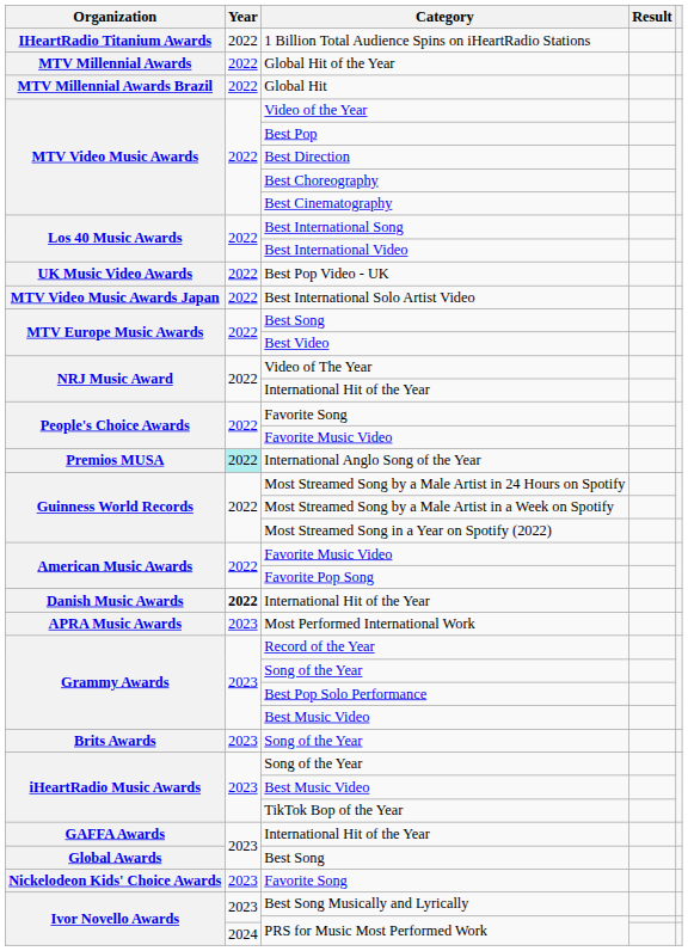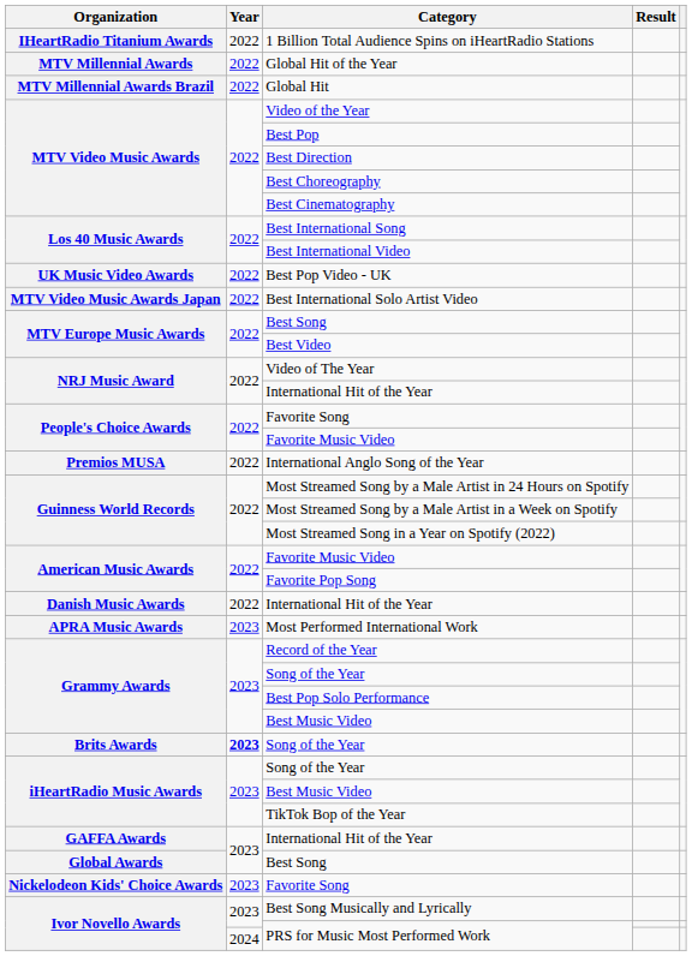 <table class="wikitable sortable plainrowheaders" style="border:none; margin:0;">
 <tr>
 <th scope="col">Organization</th>
 <th scope="col">Year</th>
 <th scope="col">Category</th>
 <th scope="col">Result</th>
 <th class="unsortable" scope="col"></th>
 </tr>
 <tr>
 <th scope="row"><a href='#'>IHeartRadio Titanium Awards</a></th>
 <td>2022</td>
 <td>1 Billion Total Audience Spins on iHeartRadio Stations</td>
 <td></td>
 <td></td>
 </tr>
 <tr>
 <th scope="row"><a href='#'>MTV Millennial Awards</a></th>
 <td><a href='#'>2022</a></td>
 <td>Global Hit of the Year</td>
 <td></td>
 <td></td>
 </tr>
 <tr>
 <th scope="row"><a href='#'>MTV Millennial Awards Brazil</a></th>
 <td><a href='#'>2022</a></td>
 <td>Global Hit</td>
 <td></td>
 <td></td>
 </tr>
 <tr>
 <th rowspan="5" scope="row"><a href='#'>MTV Video Music Awards</a></th>
 <td rowspan="5"><a href='#'>2022</a></td>
 <td><a href='#'>Video of the Year</a></td>
 <td></td>
 <td rowspan="5"></td>
 </tr>
 <tr>
 <td><a href='#'>Best Pop</a></td>
 <td></td>
 </tr>
 <tr>
 <td><a href='#'>Best Direction</a></td>
 <td></td>
 </tr>
 <tr>
 <td><a href='#'>Best Choreography</a></td>
 <td></td>
 </tr>
 <tr>
 <td><a href='#'>Best Cinematography</a></td>
 <td></td>
 </tr>
 <tr>
 <th rowspan="2" scope="row"><a href='#'>Los 40 Music Awards</a></th>
 <td rowspan="2"><a href='#'>2022</a></td>
 <td><a href='#'>Best International Song</a></td>
 <td></td>
 <td rowspan="2"></td>
 </tr>
 <tr>
 <td><a href='#'>Best International Video</a></td>
 <td></td>
 </tr>
 <tr>
 <th scope="row"><a href='#'>UK Music Video Awards</a></th>
 <td><a href='#'>2022</a></td>
 <td>Best Pop Video - UK</td>
 <td></td>
 <td></td>
 </tr>
 <tr>
 <th scope="row"><a href='#'>MTV Video Music Awards Japan</a></th>
 <td><a href='#'>2022</a></td>
 <td>Best International Solo Artist Video</td>
 <td></td>
 <td></td>
 </tr>
 <tr>
 <th rowspan="2" scope="row"><a href='#'>MTV Europe Music Awards</a></th>
 <td rowspan="2"><a href='#'>2022</a></td>
 <td><a href='#'>Best Song</a></td>
 <td></td>
 <td rowspan="2"></td>
 </tr>
 <tr>
 <td><a href='#'>Best Video</a></td>
 <td></td>
 </tr>
 <tr>
 <th rowspan="2" scope="row"><a href='#'>NRJ Music Award</a></th>
 <td rowspan="2">2022</td>
 <td>Video of The Year</td>
 <td></td>
 <td rowspan="2"></td>
 </tr>
 <tr>
 <td>International Hit of the Year</td>
 <td></td>
 </tr>
 <tr>
 <th rowspan="2" scope="row"><a href='#'>People's Choice Awards</a></th>
 <td rowspan="2"><a href='#'>2022</a></td>
 <td>Favorite Song</td>
 <td></td>
 <td rowspan="2"></td>
 </tr>
 <tr>
 <td><a href='#'>Favorite Music Video</a></td>
 <td></td>
 </tr>
 <tr>
 <th scope="row"><a href='#'>Premios MUSA</a></th>
-<td style="background: paleturquoise;">2022</td>
+<td>2022</td>
 <td>International Anglo Song of the Year</td>
 <td></td>
 <td></td>
 </tr>
 <tr>
 <th rowspan="3" scope="row"><a href='#'>Guinness World Records</a></th>
 <td rowspan="3">2022</td>
 <td>Most Streamed Song by a Male Artist in 24 Hours on Spotify</td>
 <td></td>
 <td rowspan="2"></td>
 </tr>
 <tr>
 <td>Most Streamed Song by a Male Artist in a Week on Spotify</td>
 <td></td>
 </tr>
 <tr>
 <td>Most Streamed Song in a Year on Spotify (2022)</td>
 <td></td>
 <td></td>
 </tr>
 <tr>
 <th rowspan="2" scope="row"><a href='#'>American Music Awards</a></th>
 <td rowspan="2"><a href='#'>2022</a></td>
 <td><a href='#'>Favorite Music Video</a></td>
 <td></td>
 <td rowspan="2"></td>
 </tr>
 <tr>
 <td><a href='#'>Favorite Pop Song</a></td>
 <td></td>
 </tr>
 <tr>
 <th scope="row"><a href='#'>Danish Music Awards</a></th>
-<td><strong>2022</strong></td>
+<td>2022</td>
 <td>International Hit of the Year</td>
 <td></td>
 <td></td>
 </tr>
 <tr>
 <th scope="row"><a href='#'>APRA Music Awards</a></th>
 <td><a href='#'>2023</a></td>
 <td>Most Performed International Work</td>
 <td></td>
 <td></td>
 </tr>
 <tr>
 <th rowspan="4" scope="row"><a href='#'>Grammy Awards</a></th>
 <td rowspan="4"><a href='#'>2023</a></td>
 <td><a href='#'>Record of the Year</a></td>
 <td></td>
 <td rowspan="4"></td>
 </tr>
 <tr>
 <td><a href='#'>Song of the Year</a></td>
 <td></td>
 </tr>
 <tr>
 <td><a href='#'>Best Pop Solo Performance</a></td>
 <td></td>
 </tr>
 <tr>
 <td><a href='#'>Best Music Video</a></td>
 <td></td>
 </tr>
 <tr>
 <th scope="row"><a href='#'>Brits Awards</a></th>
-<td><a href='#'>2023</a></td>
+<td><strong><a href='#'>2023</a></strong></td>
 <td><a href='#'>Song of the Year</a></td>
 <td></td>
 <td></td>
 </tr>
 <tr>
 <th rowspan="3" scope="row"><a href='#'>iHeartRadio Music Awards</a></th>
 <td rowspan="3"><a href='#'>2023</a></td>
 <td>Song of the Year</td>
 <td></td>
 <td rowspan="3"></td>
 </tr>
 <tr>
 <td><a href='#'>Best Music Video</a></td>
 <td></td>
 </tr>
 <tr>
 <td>TikTok Bop of the Year</td>
 <td></td>
 </tr>
 <tr>
 <th scope="row"><a href='#'>GAFFA Awards</a></th>
 <td rowspan="2">2023</td>
 <td>International Hit of the Year</td>
 <td></td>
 <td></td>
 </tr>
 <tr>
 <th scope="row"><a href='#'>Global Awards</a></th>
 <td>Best Song</td>
 <td></td>
 <td></td>
 </tr>
 <tr>
 <th scope="row"><a href='#'>Nickelodeon Kids' Choice Awards</a></th>
 <td><a href='#'>2023</a></td>
 <td><a href='#'>Favorite Song</a></td>
 <td></td>
 <td></td>
 </tr>
 <tr>
 <th rowspan="3" scope="row"><a href='#'>Ivor Novello Awards</a></th>
 <td rowspan="2">2023</td>
 <td>Best Song Musically and Lyrically</td>
 <td></td>
 <td></td>
 </tr>
 <tr>
 <td rowspan="2">PRS for Music Most Performed Work</td>
 <td></td>
 <td></td>
 </tr>
 <tr>
 <td>2024</td>
 <td></td>
 <td></td>
 </tr>
 </table>
